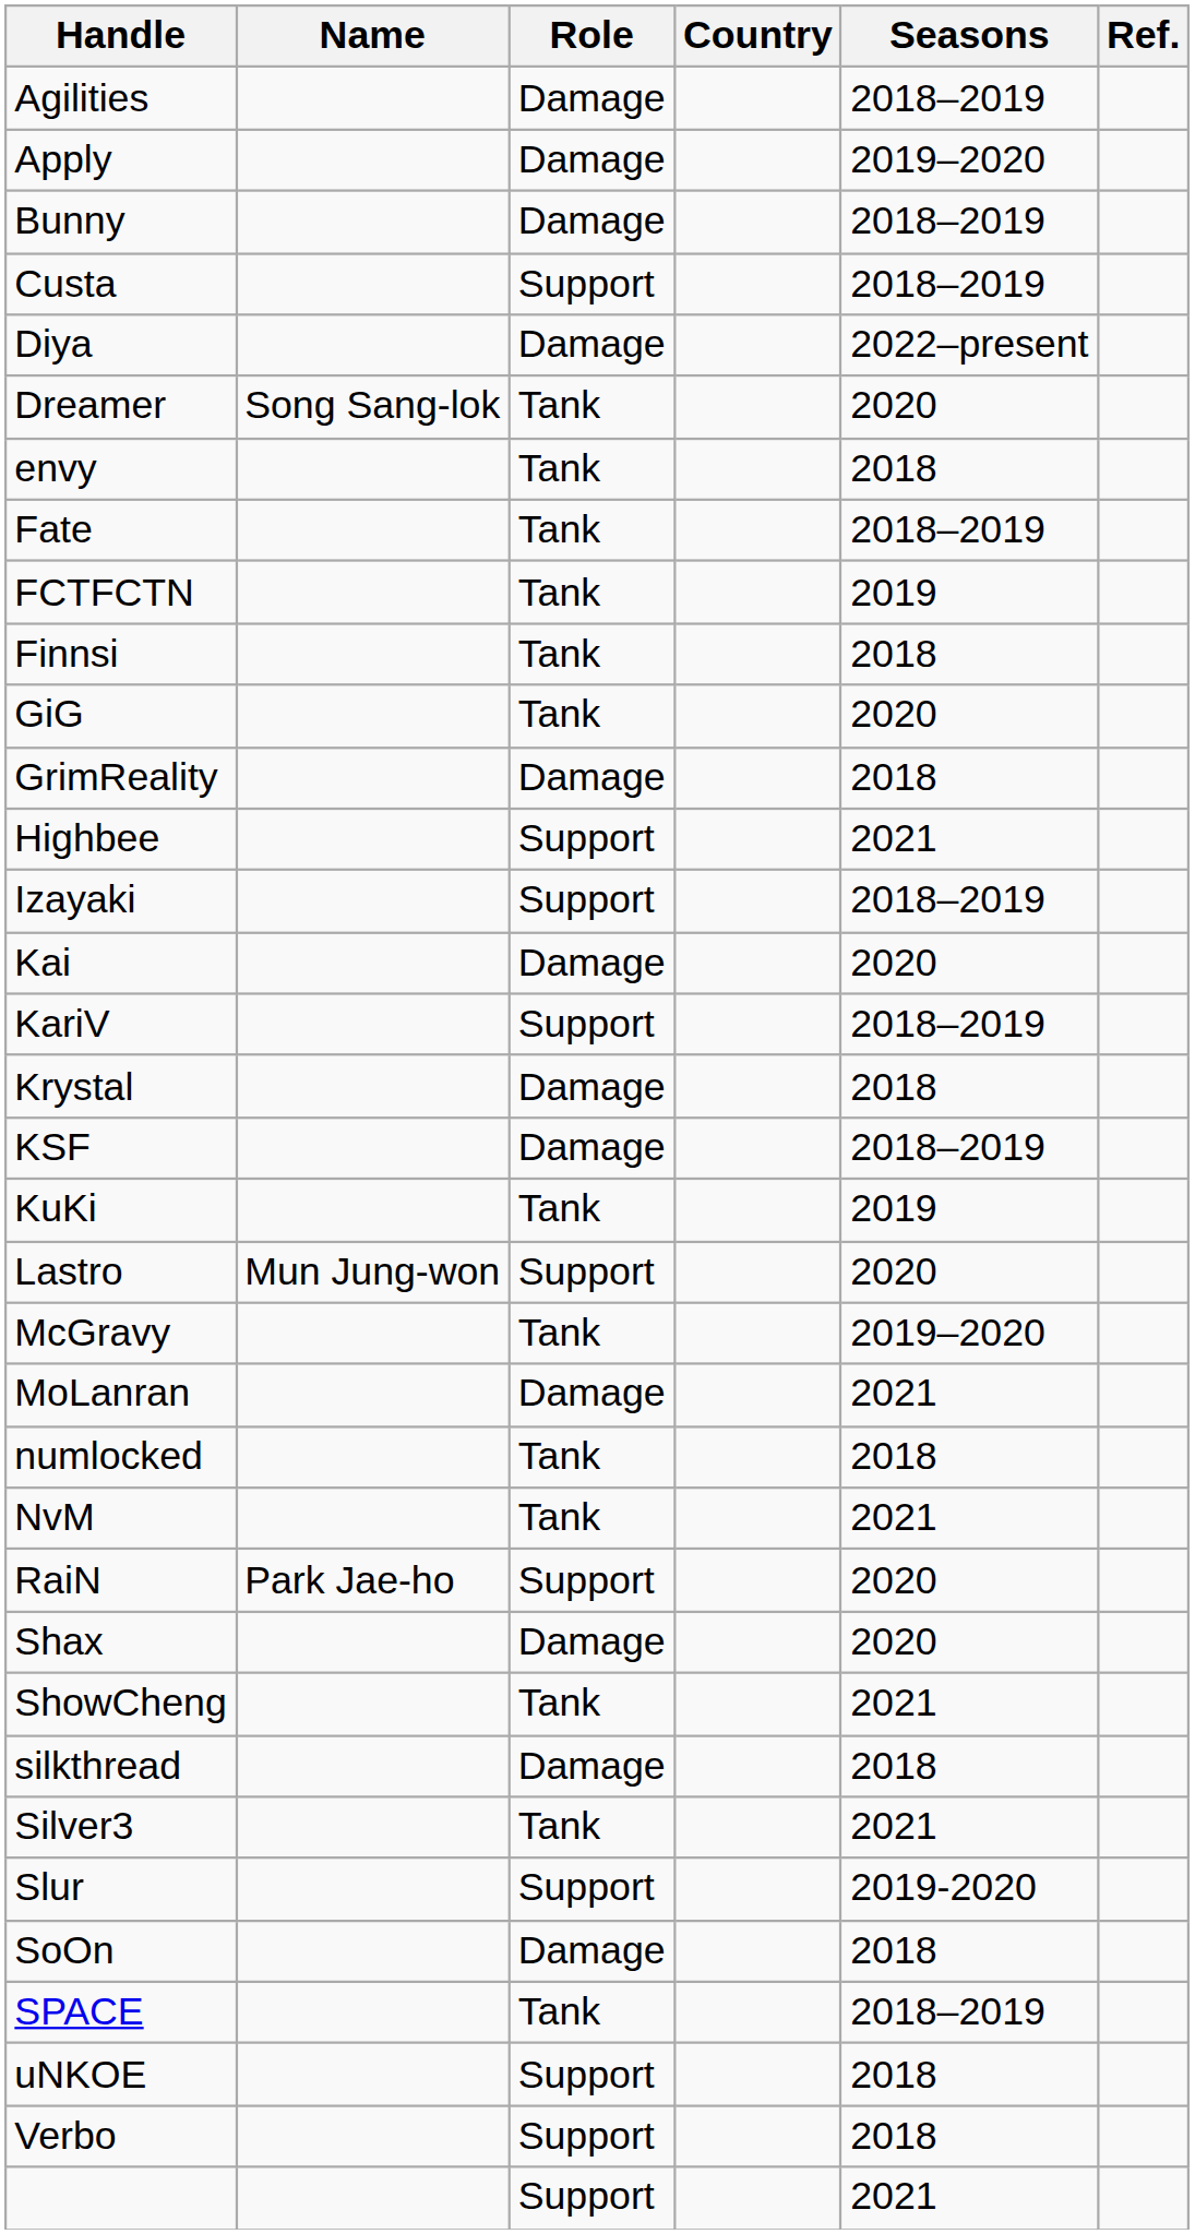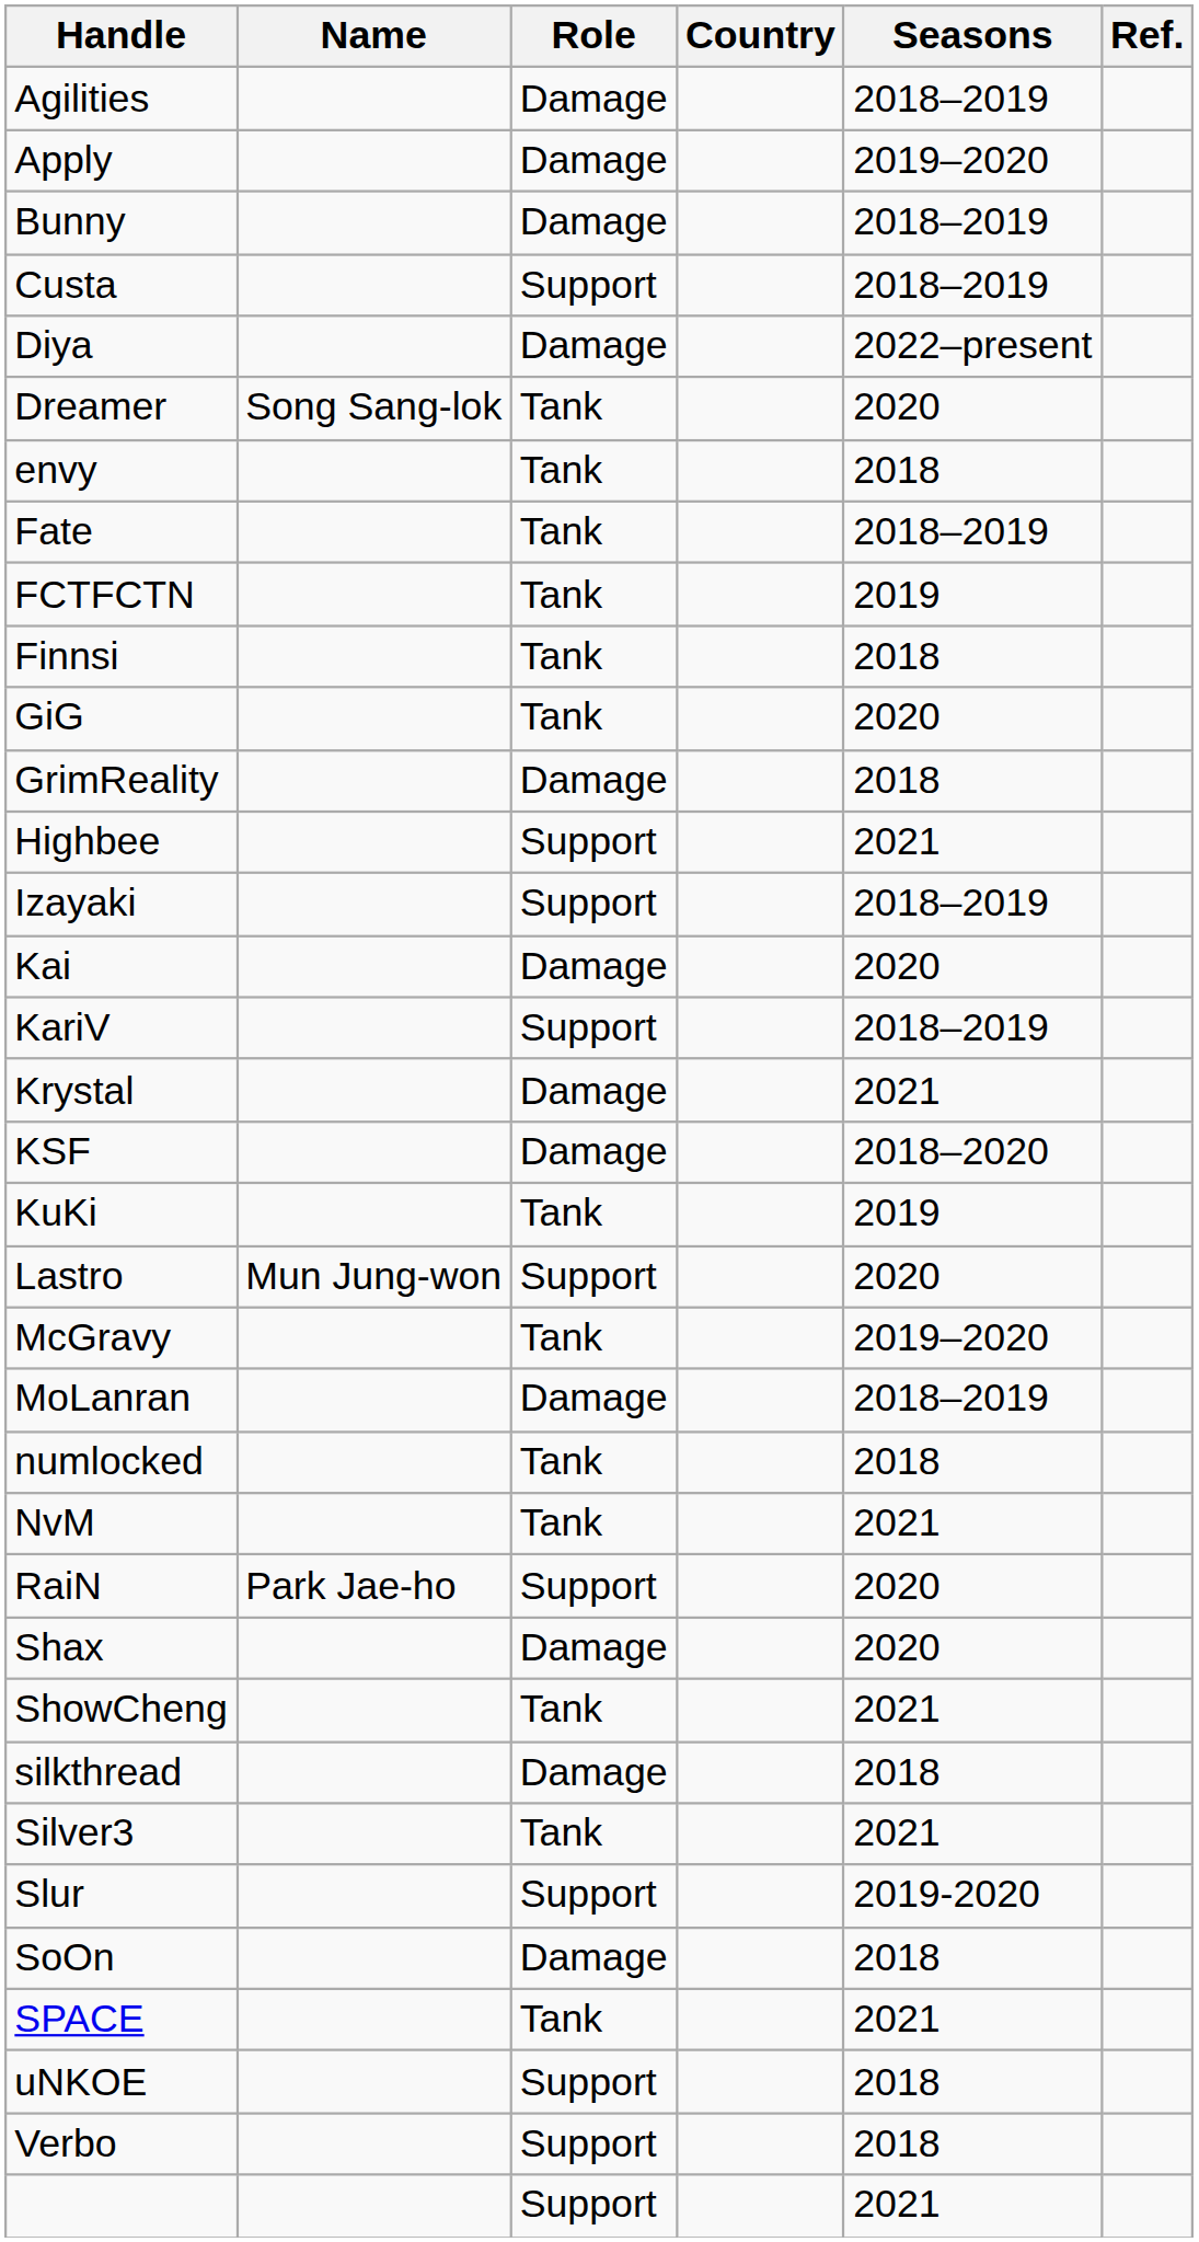 <table class="wikitable sortable" style="text-align:left;">
 <tr>
 <th style="background-color:#">Handle</th>
 <th style="background-color:#">Name</th>
 <th style="background-color:#">Role</th>
 <th style="background-color:#">Country</th>
 <th style="background-color:#">Seasons</th>
 <th style="background-color:#">Ref.</th>
 </tr>
 <tr>
 <td>Agilities</td>
 <td></td>
 <td>Damage</td>
 <td></td>
 <td>2018–2019</td>
 <td></td>
 </tr>
 <tr>
 <td>Apply</td>
 <td></td>
 <td>Damage</td>
 <td></td>
 <td>2019–2020</td>
 <td></td>
 </tr>
 <tr>
 <td>Bunny</td>
 <td></td>
 <td>Damage</td>
 <td></td>
 <td>2018–2019</td>
 <td></td>
 </tr>
 <tr>
 <td>Custa</td>
 <td></td>
 <td>Support</td>
 <td></td>
 <td>2018–2019</td>
 <td></td>
 </tr>
 <tr>
 <td>Diya</td>
 <td></td>
 <td>Damage</td>
 <td></td>
 <td>2022–present</td>
 <td></td>
 </tr>
 <tr>
 <td>Dreamer</td>
 <td>Song Sang-lok</td>
 <td>Tank</td>
 <td></td>
 <td>2020</td>
 <td></td>
 </tr>
 <tr>
 <td>envy</td>
 <td></td>
 <td>Tank</td>
 <td></td>
 <td>2018</td>
 <td></td>
 </tr>
 <tr>
 <td>Fate</td>
 <td></td>
 <td>Tank</td>
 <td></td>
 <td>2018–2019</td>
 <td></td>
 </tr>
 <tr>
 <td>FCTFCTN</td>
 <td></td>
 <td>Tank</td>
 <td></td>
 <td>2019</td>
 <td></td>
 </tr>
 <tr>
 <td>Finnsi</td>
 <td></td>
 <td>Tank</td>
 <td></td>
 <td>2018</td>
 <td></td>
 </tr>
 <tr>
 <td>GiG</td>
 <td></td>
 <td>Tank</td>
 <td></td>
 <td>2020</td>
 <td></td>
 </tr>
 <tr>
 <td>GrimReality</td>
 <td></td>
 <td>Damage</td>
 <td></td>
 <td>2018</td>
 <td></td>
 </tr>
 <tr>
 <td>Highbee</td>
 <td></td>
 <td>Support</td>
 <td></td>
 <td>2021</td>
 <td></td>
 </tr>
 <tr>
 <td>Izayaki</td>
 <td></td>
 <td>Support</td>
 <td></td>
 <td>2018–2019</td>
 <td></td>
 </tr>
 <tr>
 <td>Kai</td>
 <td></td>
 <td>Damage</td>
 <td></td>
 <td>2020</td>
 <td></td>
 </tr>
 <tr>
 <td>KariV</td>
 <td></td>
 <td>Support</td>
 <td></td>
 <td>2018–2019</td>
 <td></td>
 </tr>
 <tr>
 <td>Krystal</td>
 <td></td>
 <td>Damage</td>
 <td></td>
-<td>2018</td>
+<td>2021</td>
 <td></td>
 </tr>
 <tr>
 <td>KSF</td>
 <td></td>
 <td>Damage</td>
 <td></td>
-<td>2018–2019</td>
+<td>2018–2020</td>
 <td></td>
 </tr>
 <tr>
 <td>KuKi</td>
 <td></td>
 <td>Tank</td>
 <td></td>
 <td>2019</td>
 <td></td>
 </tr>
 <tr>
 <td>Lastro</td>
 <td>Mun Jung-won</td>
 <td>Support</td>
 <td></td>
 <td>2020</td>
 <td></td>
 </tr>
 <tr>
 <td>McGravy</td>
 <td></td>
 <td>Tank</td>
 <td></td>
 <td>2019–2020</td>
 <td></td>
 </tr>
 <tr>
 <td>MoLanran</td>
 <td></td>
 <td>Damage</td>
 <td></td>
-<td>2021</td>
+<td>2018–2019</td>
 <td></td>
 </tr>
 <tr>
 <td>numlocked</td>
 <td></td>
 <td>Tank</td>
 <td></td>
 <td>2018</td>
 <td></td>
 </tr>
 <tr>
 <td>NvM</td>
 <td></td>
 <td>Tank</td>
 <td></td>
 <td>2021</td>
 <td></td>
 </tr>
 <tr>
 <td>RaiN</td>
 <td>Park Jae-ho</td>
 <td>Support</td>
 <td></td>
 <td>2020</td>
 <td></td>
 </tr>
 <tr>
 <td>Shax</td>
 <td></td>
 <td>Damage</td>
 <td></td>
 <td>2020</td>
 <td></td>
 </tr>
 <tr>
 <td>ShowCheng</td>
 <td></td>
 <td>Tank</td>
 <td></td>
 <td>2021</td>
 <td></td>
 </tr>
 <tr>
 <td>silkthread</td>
 <td></td>
 <td>Damage</td>
 <td></td>
 <td>2018</td>
 <td></td>
 </tr>
 <tr>
 <td>Silver3</td>
 <td></td>
 <td>Tank</td>
 <td></td>
 <td>2021</td>
 <td></td>
 </tr>
 <tr>
 <td>Slur</td>
 <td></td>
 <td>Support</td>
 <td></td>
 <td>2019-2020</td>
 <td></td>
 </tr>
 <tr>
 <td>SoOn</td>
 <td></td>
 <td>Damage</td>
 <td></td>
 <td>2018</td>
 <td></td>
 </tr>
 <tr>
 <td><a href='#'>SPACE</a></td>
 <td></td>
 <td>Tank</td>
 <td></td>
-<td>2018–2019</td>
+<td>2021</td>
 <td></td>
 </tr>
 <tr>
 <td>uNKOE</td>
 <td></td>
 <td>Support</td>
 <td></td>
 <td>2018</td>
 <td></td>
 </tr>
 <tr>
 <td>Verbo</td>
 <td></td>
 <td>Support</td>
 <td></td>
 <td>2018</td>
 <td></td>
 </tr>
 <tr>
 <td></td>
 <td></td>
 <td>Support</td>
 <td></td>
 <td>2021</td>
 <td></td>
 </tr>
 </table>
